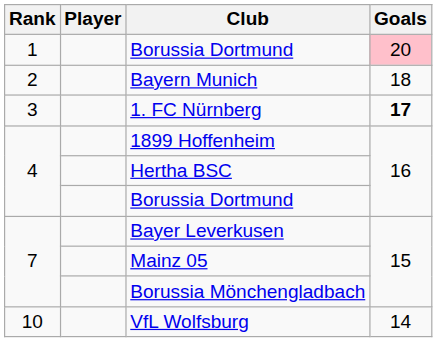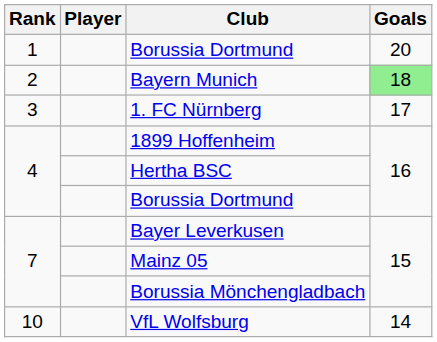 <table class="wikitable sortable" style="text-align:center">
 <tr>
 <th>Rank</th>
 <th>Player</th>
 <th>Club</th>
 <th>Goals</th>
 </tr>
 <tr>
 <td>1</td>
 <td style="text-align:left"> </td>
 <td style="text-align:left"><a href='#'>Borussia Dortmund</a></td>
-<td style="background: pink;">20</td>
+<td>20</td>
 </tr>
 <tr>
 <td>2</td>
 <td style="text-align:left"> </td>
 <td style="text-align:left"><a href='#'>Bayern Munich</a></td>
-<td>18</td>
+<td style="background: lightgreen;">18</td>
 </tr>
 <tr>
 <td>3</td>
 <td style="text-align:left"> </td>
 <td style="text-align:left"><a href='#'>1. FC Nürnberg</a></td>
-<td><strong>17</strong></td>
+<td>17</td>
 </tr>
 <tr>
 <td rowspan=3>4</td>
 <td style="text-align:left"> </td>
 <td style="text-align:left"><a href='#'>1899 Hoffenheim</a></td>
 <td rowspan=3>16</td>
 </tr>
 <tr>
 <td style="text-align:left"> </td>
 <td style="text-align:left"><a href='#'>Hertha BSC</a></td>
 </tr>
 <tr>
 <td style="text-align:left"> </td>
 <td style="text-align:left"><a href='#'>Borussia Dortmund</a></td>
 </tr>
 <tr>
 <td rowspan=3>7</td>
 <td style="text-align:left"> </td>
 <td style="text-align:left"><a href='#'>Bayer Leverkusen</a></td>
 <td rowspan=3>15</td>
 </tr>
 <tr>
 <td style="text-align:left"> </td>
 <td style="text-align:left"><a href='#'>Mainz 05</a></td>
 </tr>
 <tr>
 <td style="text-align:left"> </td>
 <td style="text-align:left"><a href='#'>Borussia Mönchengladbach</a></td>
 </tr>
 <tr>
 <td>10</td>
 <td style="text-align:left"> </td>
 <td style="text-align:left"><a href='#'>VfL Wolfsburg</a></td>
 <td>14</td>
 </tr>
 </table>
